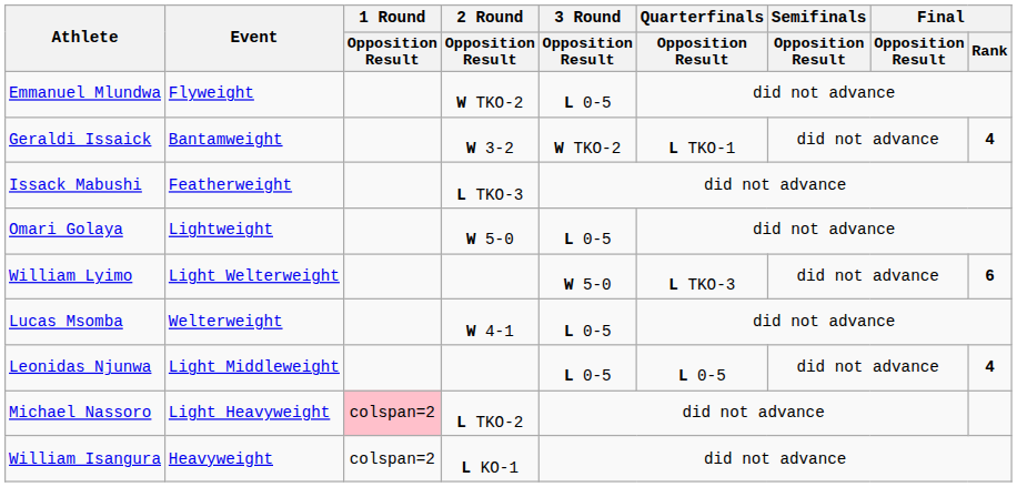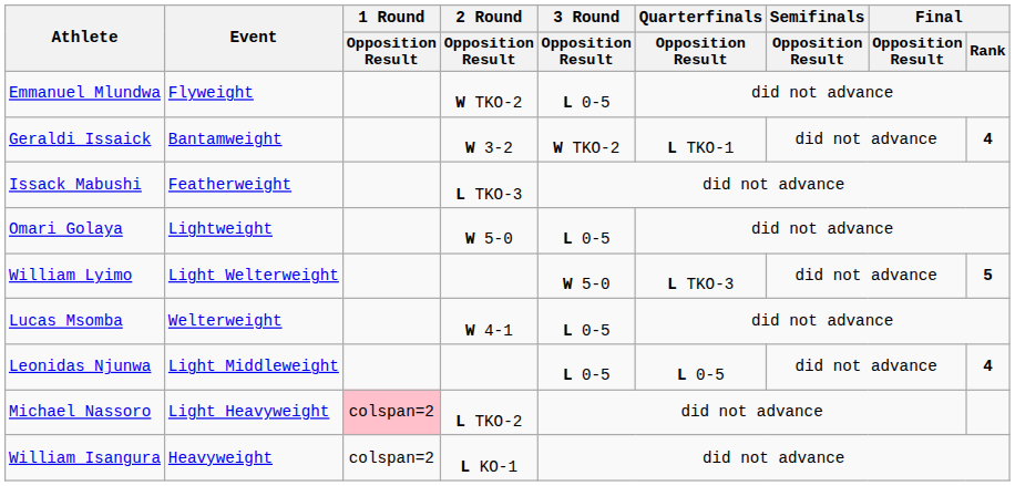 <table class="wikitable" style="font-size:90%">
 <tr>
 <th rowspan="2">Athlete</th>
 <th rowspan="2">Event</th>
 <th>1 Round</th>
 <th>2 Round</th>
 <th>3 Round</th>
 <th>Quarterfinals</th>
 <th>Semifinals</th>
 <th colspan=2>Final</th>
 </tr>
 <tr style="font-size:95%">
 <th>Opposition<br>Result</th>
 <th>Opposition<br>Result</th>
 <th>Opposition<br>Result</th>
 <th>Opposition<br>Result</th>
 <th>Opposition<br>Result</th>
 <th>Opposition<br>Result</th>
 <th>Rank</th>
 </tr>
 <tr align=center>
 <td align=left><a href='#'>Emmanuel Mlundwa</a></td>
 <td align=left><a href='#'>Flyweight</a></td>
 <td></td>
 <td><br><strong>W</strong> TKO-2</td>
 <td><br><strong>L</strong> 0-5</td>
 <td colspan=4>did not advance</td>
 </tr>
 <tr align=center>
 <td align=left><a href='#'>Geraldi Issaick</a></td>
 <td align=left><a href='#'>Bantamweight</a></td>
 <td></td>
 <td><br><strong>W</strong> 3-2</td>
 <td><br><strong>W</strong> TKO-2</td>
 <td><br><strong>L</strong> TKO-1</td>
 <td colspan=2>did not advance</td>
 <td><strong>4</strong></td>
 </tr>
 <tr align=center>
 <td align=left><a href='#'>Issack Mabushi</a></td>
 <td align=left><a href='#'>Featherweight</a></td>
 <td></td>
 <td><br><strong>L</strong> TKO-3</td>
 <td colspan=5>did not advance</td>
 </tr>
 <tr align=center>
 <td align=left><a href='#'>Omari Golaya</a></td>
 <td align=left><a href='#'>Lightweight</a></td>
 <td></td>
 <td><br><strong>W</strong> 5-0</td>
 <td><br><strong>L</strong> 0-5</td>
 <td colspan=4>did not advance</td>
 </tr>
 <tr align=center>
 <td align=left><a href='#'>William Lyimo</a></td>
 <td align=left><a href='#'>Light Welterweight</a></td>
 <td></td>
 <td></td>
 <td><br><strong>W</strong> 5-0</td>
 <td><br><strong>L</strong> TKO-3</td>
 <td colspan=2>did not advance</td>
-<td><strong>6</strong></td>
+<td><strong>5</strong></td>
 </tr>
 <tr align=center>
 <td align=left><a href='#'>Lucas Msomba</a></td>
 <td align=left><a href='#'>Welterweight</a></td>
 <td></td>
 <td><br><strong>W</strong> 4-1</td>
 <td><br><strong>L</strong> 0-5</td>
 <td colspan=4>did not advance</td>
 </tr>
 <tr align=center>
 <td align=left><a href='#'>Leonidas Njunwa</a></td>
 <td align=left><a href='#'>Light Middleweight</a></td>
 <td></td>
 <td></td>
 <td><br><strong>L</strong> 0-5</td>
 <td><br><strong>L</strong> 0-5</td>
 <td colspan=2>did not advance</td>
 <td><strong>4</strong></td>
 </tr>
 <tr align=center>
 <td align=left><a href='#'>Michael Nassoro</a></td>
 <td align=left><a href='#'>Light Heavyweight</a></td>
 <td style="background: pink;">colspan=2 </td>
 <td><br><strong>L</strong> TKO-2</td>
 <td colspan=4>did not advance</td>
 </tr>
 <tr align=center>
 <td align=left><a href='#'>William Isangura</a></td>
 <td align=left><a href='#'>Heavyweight</a></td>
 <td>colspan=2 </td>
 <td><br><strong>L</strong> KO-1</td>
 <td colspan=5>did not advance</td>
 </tr>
 </table>
